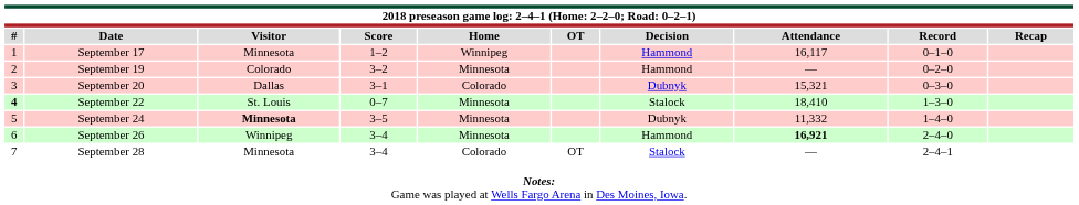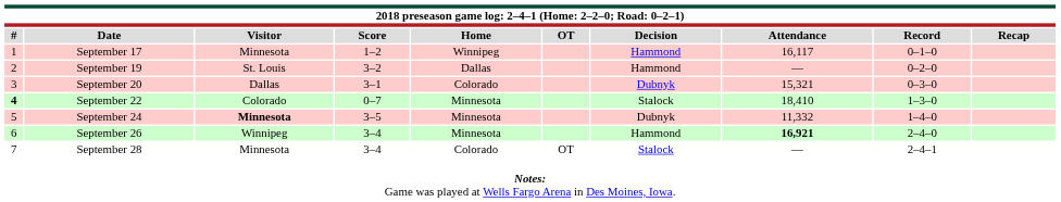 <table class="toccolours collapsible collapsed" style="width:90%; clear:both; margin:1.5em auto; text-align:center;">
 <tr>
 <th colspan="10" style="background:#FFFFFF;border-top:#024930 5px solid; border-bottom:#AF1E24 5px solid;">2018 preseason game log: 2–4–1 (Home: 2–2–0; Road: 0–2–1)</th>
 </tr>
 <tr style="background:#ddd;">
 <th>#</th>
 <th>Date</th>
 <th>Visitor</th>
 <th>Score</th>
 <th>Home</th>
 <th>OT</th>
 <th>Decision</th>
 <th>Attendance</th>
 <th>Record</th>
 <th>Recap</th>
 </tr>
 <tr style="background:#fcc;">
 <td>1</td>
 <td>September 17</td>
 <td>Minnesota</td>
 <td>1–2</td>
 <td>Winnipeg</td>
 <td></td>
 <td><a href='#'>Hammond</a></td>
 <td>16,117</td>
 <td>0–1–0</td>
 <td></td>
 </tr>
 <tr style="background:#fcc;">
 <td>2</td>
 <td>September 19</td>
-<td>Colorado</td>
+<td>St. Louis</td>
 <td>3–2</td>
-<td>Minnesota</td>
+<td>Dallas</td>
 <td></td>
 <td>Hammond</td>
 <td>—</td>
 <td>0–2–0</td>
 <td></td>
 </tr>
 <tr style="background:#fcc;">
 <td>3</td>
 <td>September 20</td>
 <td>Dallas</td>
 <td>3–1</td>
 <td>Colorado</td>
 <td></td>
 <td><a href='#'>Dubnyk</a></td>
 <td>15,321</td>
 <td>0–3–0</td>
 <td></td>
 </tr>
 <tr style="background:#cfc;">
 <td><strong>4</strong></td>
 <td>September 22</td>
-<td>St. Louis</td>
+<td>Colorado</td>
 <td>0–7</td>
 <td>Minnesota</td>
 <td></td>
 <td>Stalock</td>
 <td>18,410</td>
 <td>1–3–0</td>
 <td></td>
 </tr>
 <tr style="background:#fcc;">
 <td>5</td>
 <td>September 24</td>
 <td><strong>Minnesota</strong></td>
 <td>3–5</td>
 <td>Minnesota</td>
 <td></td>
 <td>Dubnyk</td>
 <td>11,332</td>
 <td>1–4–0</td>
 <td></td>
 </tr>
 <tr style="background:#cfc;">
 <td>6</td>
 <td>September 26</td>
 <td>Winnipeg</td>
 <td>3–4</td>
 <td>Minnesota</td>
 <td></td>
 <td>Hammond</td>
 <td><strong>16,921</strong></td>
 <td>2–4–0</td>
 <td></td>
 </tr>
 <tr style="background:#fff;">
 <td>7</td>
 <td>September 28</td>
 <td>Minnesota</td>
 <td>3–4</td>
 <td>Colorado</td>
 <td>OT</td>
 <td><a href='#'>Stalock</a></td>
 <td>—</td>
 <td>2–4–1</td>
 <td></td>
 </tr>
 <tr>
 <td colspan="10" style="text-align:center;"><br><strong><em>Notes:</em></strong><br>  Game was played at <a href='#'>Wells Fargo Arena</a> in <a href='#'>Des Moines, Iowa</a>.</td>
 </tr>
 </table>
